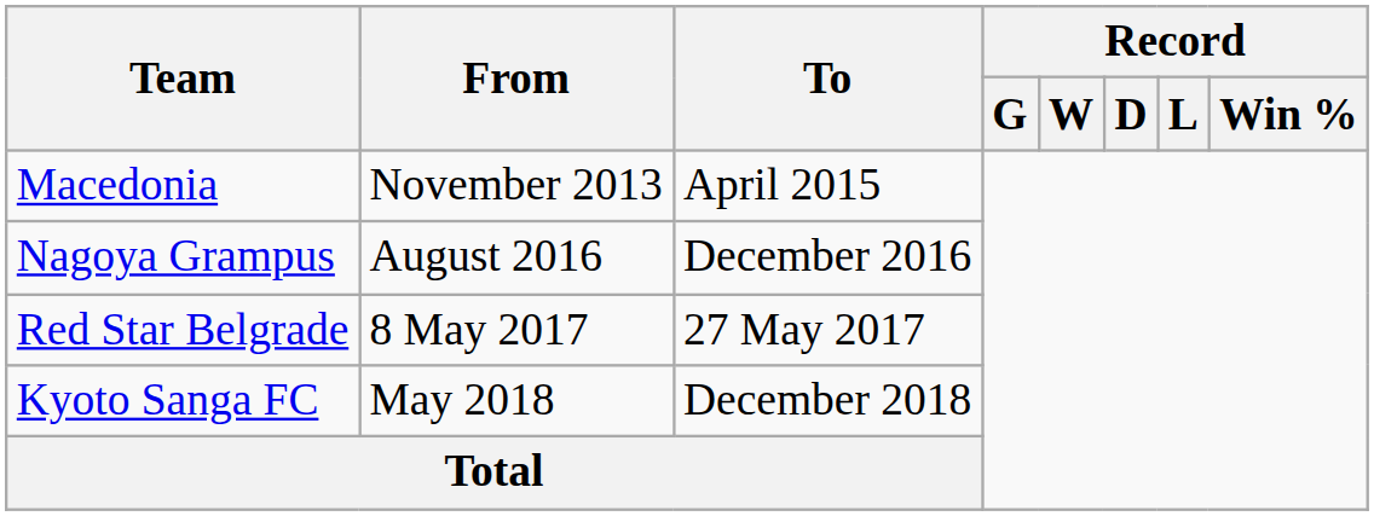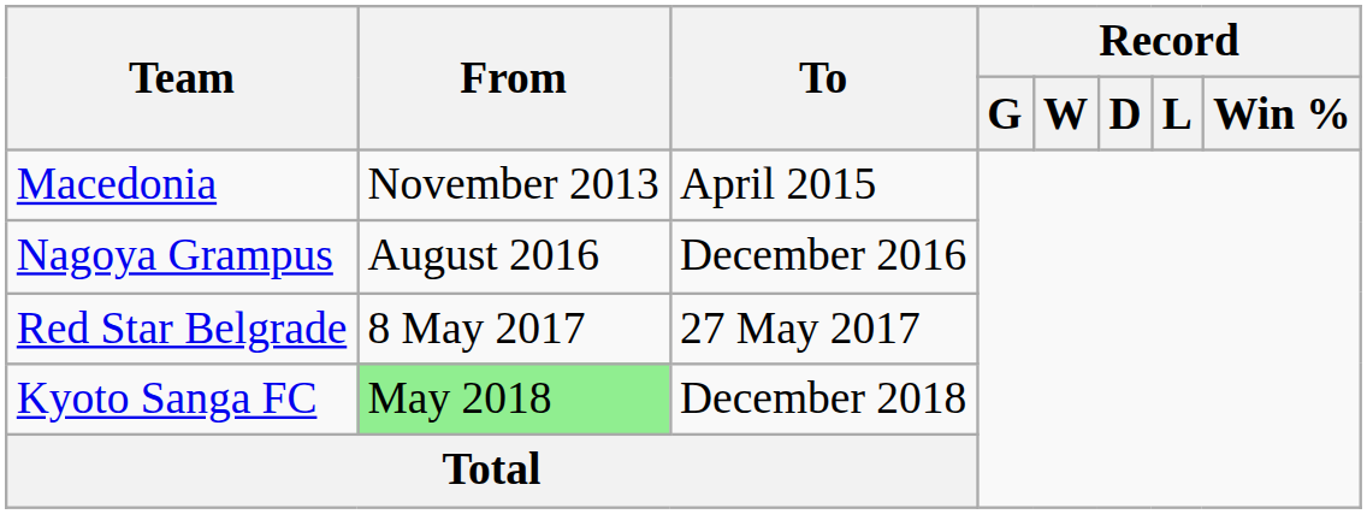 <table class="wikitable" style="text-align:center">
 <tr>
 <th rowspan="2">Team</th>
 <th rowspan="2">From</th>
 <th rowspan="2">To</th>
 <th colspan="5">Record</th>
 </tr>
 <tr>
 <th>G</th>
 <th>W</th>
 <th>D</th>
 <th>L</th>
 <th>Win %</th>
 </tr>
 <tr>
 <td align=left><a href='#'>Macedonia</a></td>
 <td align=left>November 2013</td>
 <td align=left>April 2015<br></td>
 </tr>
 <tr>
 <td align="left"><a href='#'>Nagoya Grampus</a></td>
 <td align="left">August 2016</td>
 <td align="left">December 2016<br></td>
 </tr>
 <tr>
 <td align="left"><a href='#'>Red Star Belgrade</a></td>
 <td align="left">8 May 2017</td>
 <td align="left">27 May 2017<br></td>
 </tr>
 <tr>
 <td align="left"><a href='#'>Kyoto Sanga FC</a></td>
-<td align="left">May 2018</td>
+<td align="left" style="background: lightgreen;">May 2018</td>
 <td align="left">December 2018<br></td>
 </tr>
 <tr>
 <th colspan="3">Total<br></th>
 </tr>
 </table>
